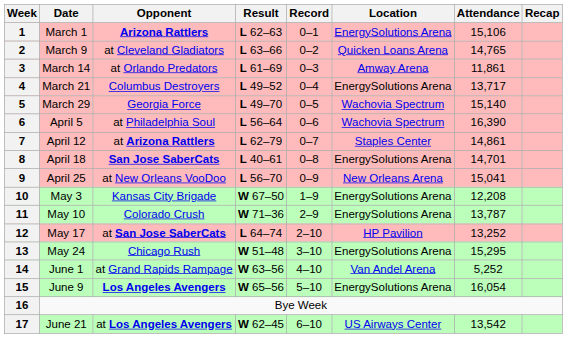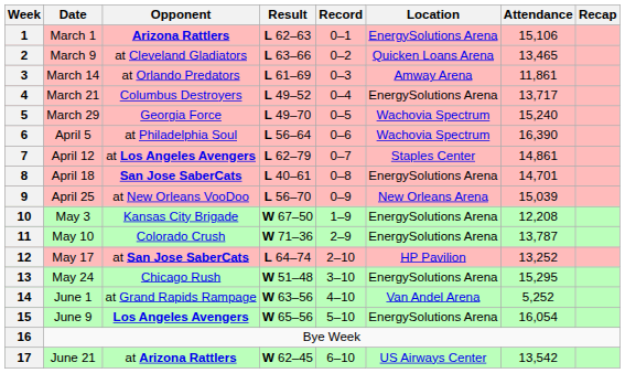 <table class="wikitable" style="text-align:center">
 <tr>
 <th>Week</th>
 <th>Date</th>
 <th>Opponent</th>
 <th>Result</th>
 <th>Record</th>
 <th>Location</th>
 <th>Attendance</th>
 <th>Recap</th>
 </tr>
 <tr bgcolor="#ffbbbb">
 <th>1</th>
 <td>March 1</td>
 <td><strong><a href='#'>Arizona Rattlers</a></strong></td>
 <td><strong>L</strong> 62–63</td>
 <td>0–1</td>
 <td><a href='#'>EnergySolutions Arena</a></td>
 <td>15,106</td>
 <td></td>
 </tr>
 <tr bgcolor="#ffbbbb">
 <th>2</th>
 <td>March 9</td>
 <td>at <a href='#'>Cleveland Gladiators</a></td>
 <td><strong>L</strong> 63–66</td>
 <td>0–2</td>
 <td><a href='#'>Quicken Loans Arena</a></td>
-<td>14,765</td>
+<td>13,465</td>
 <td></td>
 </tr>
 <tr bgcolor="#ffbbbb">
 <th>3</th>
 <td>March 14</td>
 <td>at <a href='#'>Orlando Predators</a></td>
 <td><strong>L</strong> 61–69</td>
 <td>0–3</td>
 <td><a href='#'>Amway Arena</a></td>
 <td>11,861</td>
 <td></td>
 </tr>
 <tr bgcolor="#ffbbbb">
 <th>4</th>
 <td>March 21</td>
 <td><a href='#'>Columbus Destroyers</a></td>
 <td><strong>L</strong> 49–52</td>
 <td>0–4</td>
 <td>EnergySolutions Arena</td>
 <td>13,717</td>
 <td></td>
 </tr>
 <tr bgcolor="#ffbbbb">
 <th>5</th>
 <td>March 29</td>
 <td><a href='#'>Georgia Force</a></td>
 <td><strong>L</strong> 49–70</td>
 <td>0–5</td>
 <td><a href='#'>Wachovia Spectrum</a></td>
-<td>15,140</td>
+<td>15,240</td>
 <td></td>
 </tr>
 <tr bgcolor="#ffbbbb">
 <th>6</th>
 <td>April 5</td>
 <td>at <a href='#'>Philadelphia Soul</a></td>
 <td><strong>L</strong> 56–64</td>
 <td>0–6</td>
 <td><a href='#'>Wachovia Spectrum</a></td>
 <td>16,390</td>
 <td></td>
 </tr>
 <tr bgcolor="#ffbbbb">
 <th>7</th>
 <td>April 12</td>
-<td>at <strong><a href='#'>Arizona Rattlers</a></strong></td>
+<td>at <strong><a href='#'>Los Angeles Avengers</a></strong></td>
 <td><strong>L</strong> 62–79</td>
 <td>0–7</td>
 <td><a href='#'>Staples Center</a></td>
 <td>14,861</td>
 <td></td>
 </tr>
 <tr bgcolor="#ffbbbb">
 <th>8</th>
 <td>April 18</td>
 <td><strong><a href='#'>San Jose SaberCats</a></strong></td>
 <td><strong>L</strong> 40–61</td>
 <td>0–8</td>
 <td>EnergySolutions Arena</td>
 <td>14,701</td>
 <td></td>
 </tr>
 <tr bgcolor="#ffbbbb">
 <th>9</th>
 <td>April 25</td>
 <td>at <a href='#'>New Orleans VooDoo</a></td>
 <td><strong>L</strong> 56–70</td>
 <td>0–9</td>
 <td><a href='#'>New Orleans Arena</a></td>
-<td>15,041</td>
+<td>15,039</td>
 <td></td>
 </tr>
 <tr bgcolor="#bbffbb">
 <th>10</th>
 <td>May 3</td>
 <td><a href='#'>Kansas City Brigade</a></td>
 <td><strong>W</strong> 67–50</td>
 <td>1–9</td>
 <td>EnergySolutions Arena</td>
 <td>12,208</td>
 <td></td>
 </tr>
 <tr bgcolor="#bbffbb">
 <th>11</th>
 <td>May 10</td>
 <td><a href='#'>Colorado Crush</a></td>
 <td><strong>W</strong> 71–36</td>
 <td>2–9</td>
 <td>EnergySolutions Arena</td>
 <td>13,787</td>
 <td></td>
 </tr>
 <tr bgcolor="#ffbbbb">
 <th>12</th>
 <td>May 17</td>
 <td>at <strong><a href='#'>San Jose SaberCats</a></strong></td>
 <td><strong>L</strong> 64–74</td>
 <td>2–10</td>
 <td><a href='#'>HP Pavilion</a></td>
 <td>13,252</td>
 <td></td>
 </tr>
 <tr bgcolor="#bbffbb">
 <th>13</th>
 <td>May 24</td>
 <td><a href='#'>Chicago Rush</a></td>
 <td><strong>W</strong> 51–48</td>
 <td>3–10</td>
 <td>EnergySolutions Arena</td>
 <td>15,295</td>
 <td></td>
 </tr>
 <tr bgcolor="#bbffbb">
 <th>14</th>
 <td>June 1</td>
 <td>at <a href='#'>Grand Rapids Rampage</a></td>
 <td><strong>W</strong> 63–56</td>
 <td>4–10</td>
 <td><a href='#'>Van Andel Arena</a></td>
 <td>5,252</td>
 <td></td>
 </tr>
 <tr bgcolor="#bbffbb">
 <th>15</th>
 <td>June 9</td>
 <td><strong><a href='#'>Los Angeles Avengers</a></strong></td>
 <td><strong>W</strong> 65–56</td>
 <td>5–10</td>
 <td>EnergySolutions Arena</td>
 <td>16,054</td>
 <td></td>
 </tr>
 <tr>
 <th>16</th>
 <td colspan=7>Bye Week</td>
 </tr>
 <tr bgcolor="#bbffbb">
 <th>17</th>
 <td>June 21</td>
-<td>at <strong><a href='#'>Los Angeles Avengers</a></strong></td>
+<td>at <strong><a href='#'>Arizona Rattlers</a></strong></td>
 <td><strong>W</strong> 62–45</td>
 <td>6–10</td>
 <td><a href='#'>US Airways Center</a></td>
 <td>13,542</td>
 <td></td>
 </tr>
 </table>
